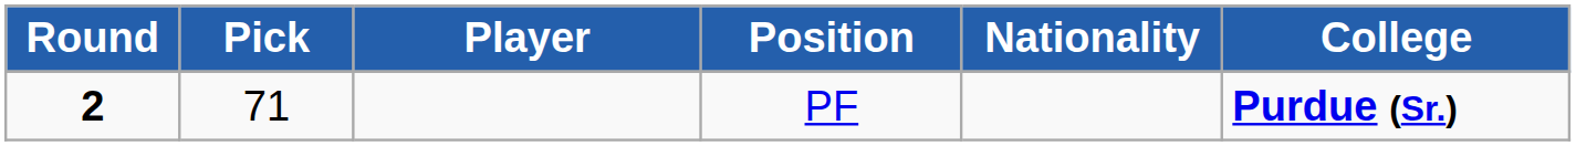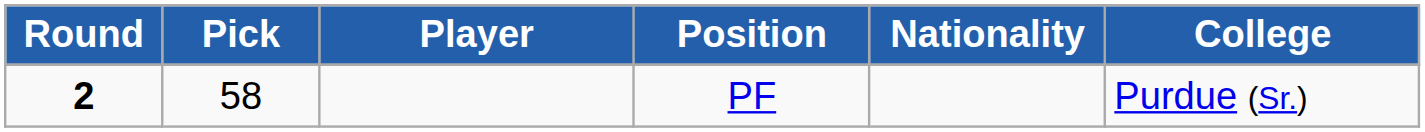 <table class="wikitable sortable sortable">
 <tr>
 <th style="background:#245FAC; color:white" width="10%">Round</th>
 <th style="background:#245FAC; color:white" width="10%">Pick</th>
 <th style="background:#245FAC; color:white" width="20%">Player</th>
 <th style="background:#245FAC; color:white" width="15%">Position</th>
 <th style="background:#245FAC; color:white" width="15%">Nationality</th>
 <th style="background:#245FAC; color:white" width="20%">College</th>
 </tr>
 <tr style="text-align: center">
 </tr>
 <tr>
 <td align=center><strong>2</strong></td>
-<td align=center>71</td>
+<td align=center>58</td>
 <td></td>
 <td align=center><a href='#'>PF</a></td>
 <td></td>
-<td><strong><a href='#'>Purdue</a> <small>(<a href='#'>Sr.</a>)</small></strong></td>
+<td><a href='#'>Purdue</a> <small>(<a href='#'>Sr.</a>)</small></td>
 </tr>
 </table>
